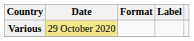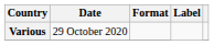 <table class="wikitable plainrowheaders">
 <tr>
 <th>Country</th>
 <th>Date</th>
 <th>Format</th>
 <th>Label</th>
 <th></th>
 </tr>
 <tr>
 <th scope="row">Various</th>
-<td style="background: khaki;">29 October 2020</td>
+<td>29 October 2020</td>
 <td></td>
 <td rowspan="2"></td>
 <td></td>
 </tr>
 <tr>
 </tr>
 </table>
